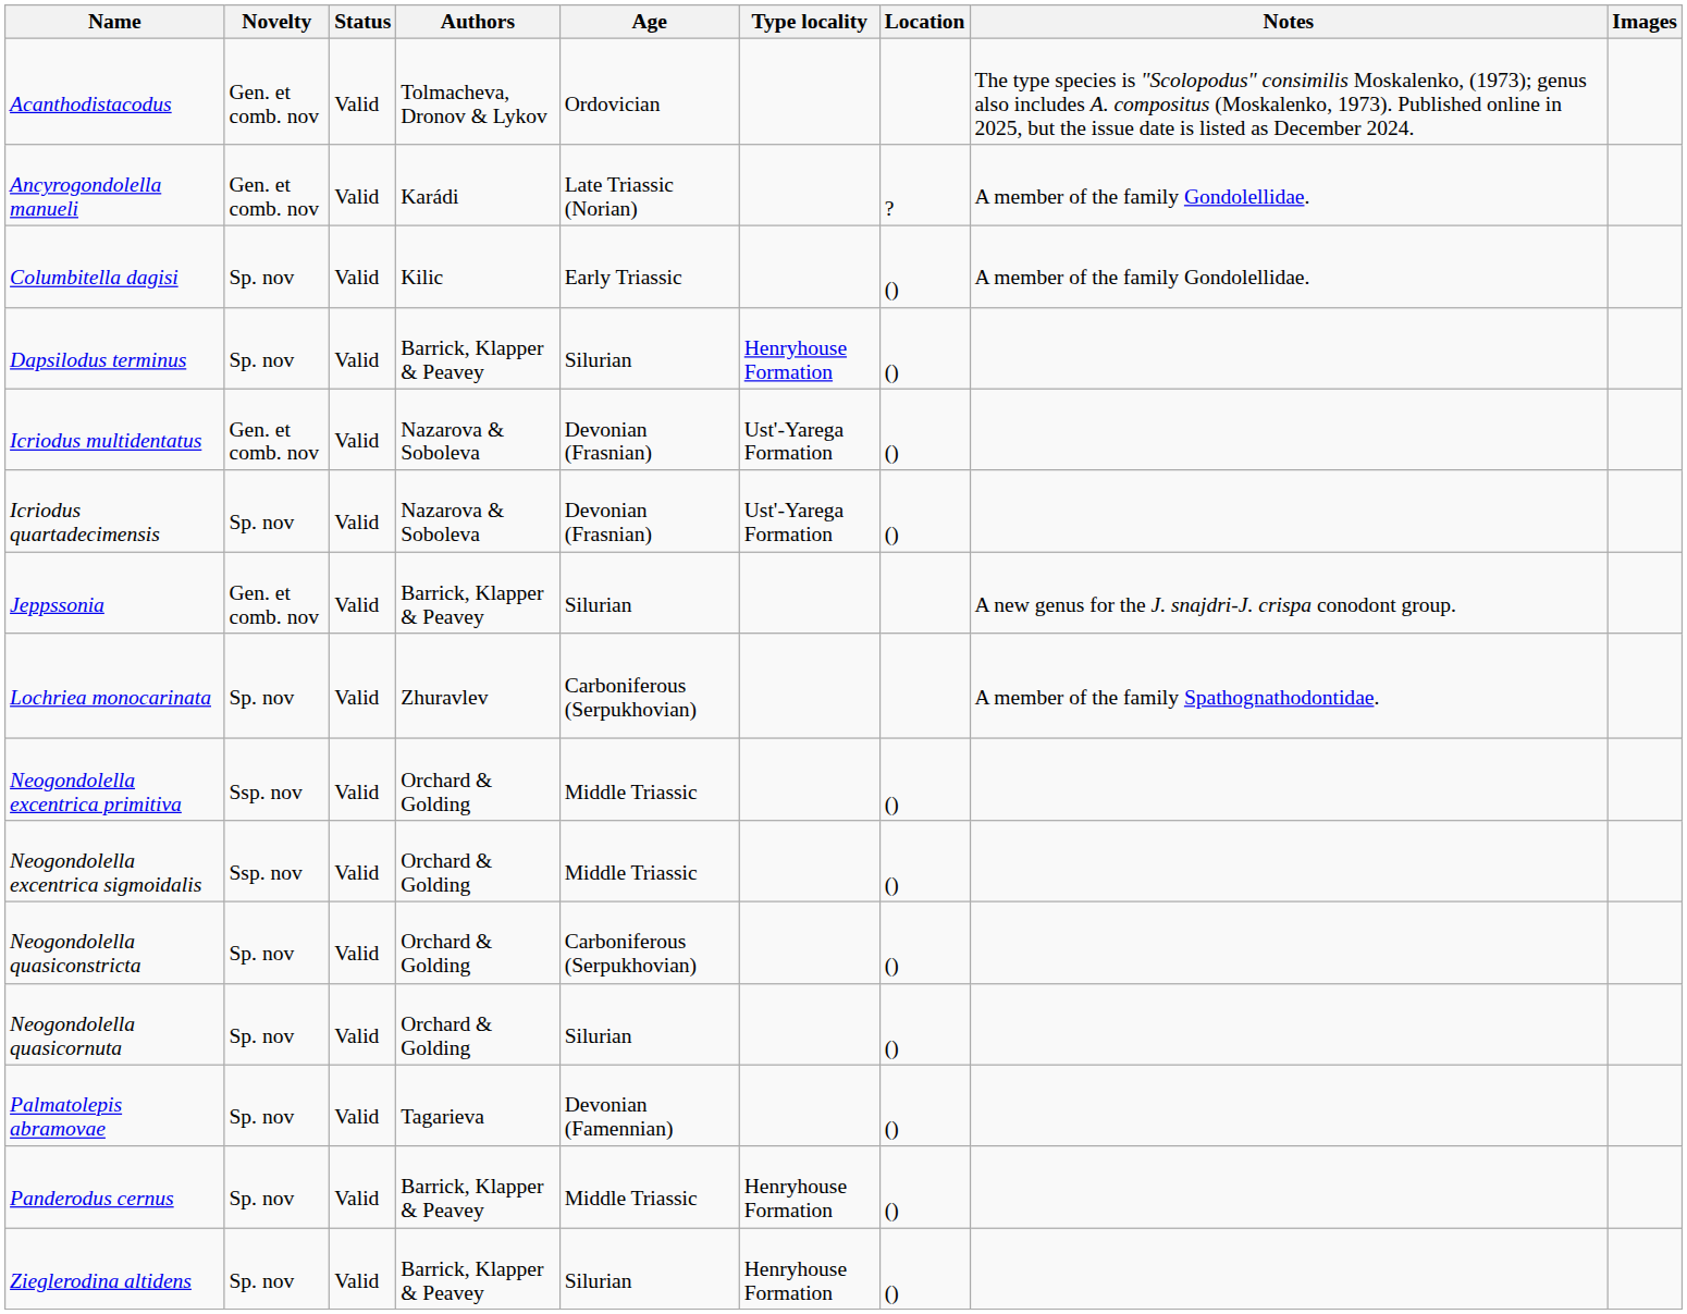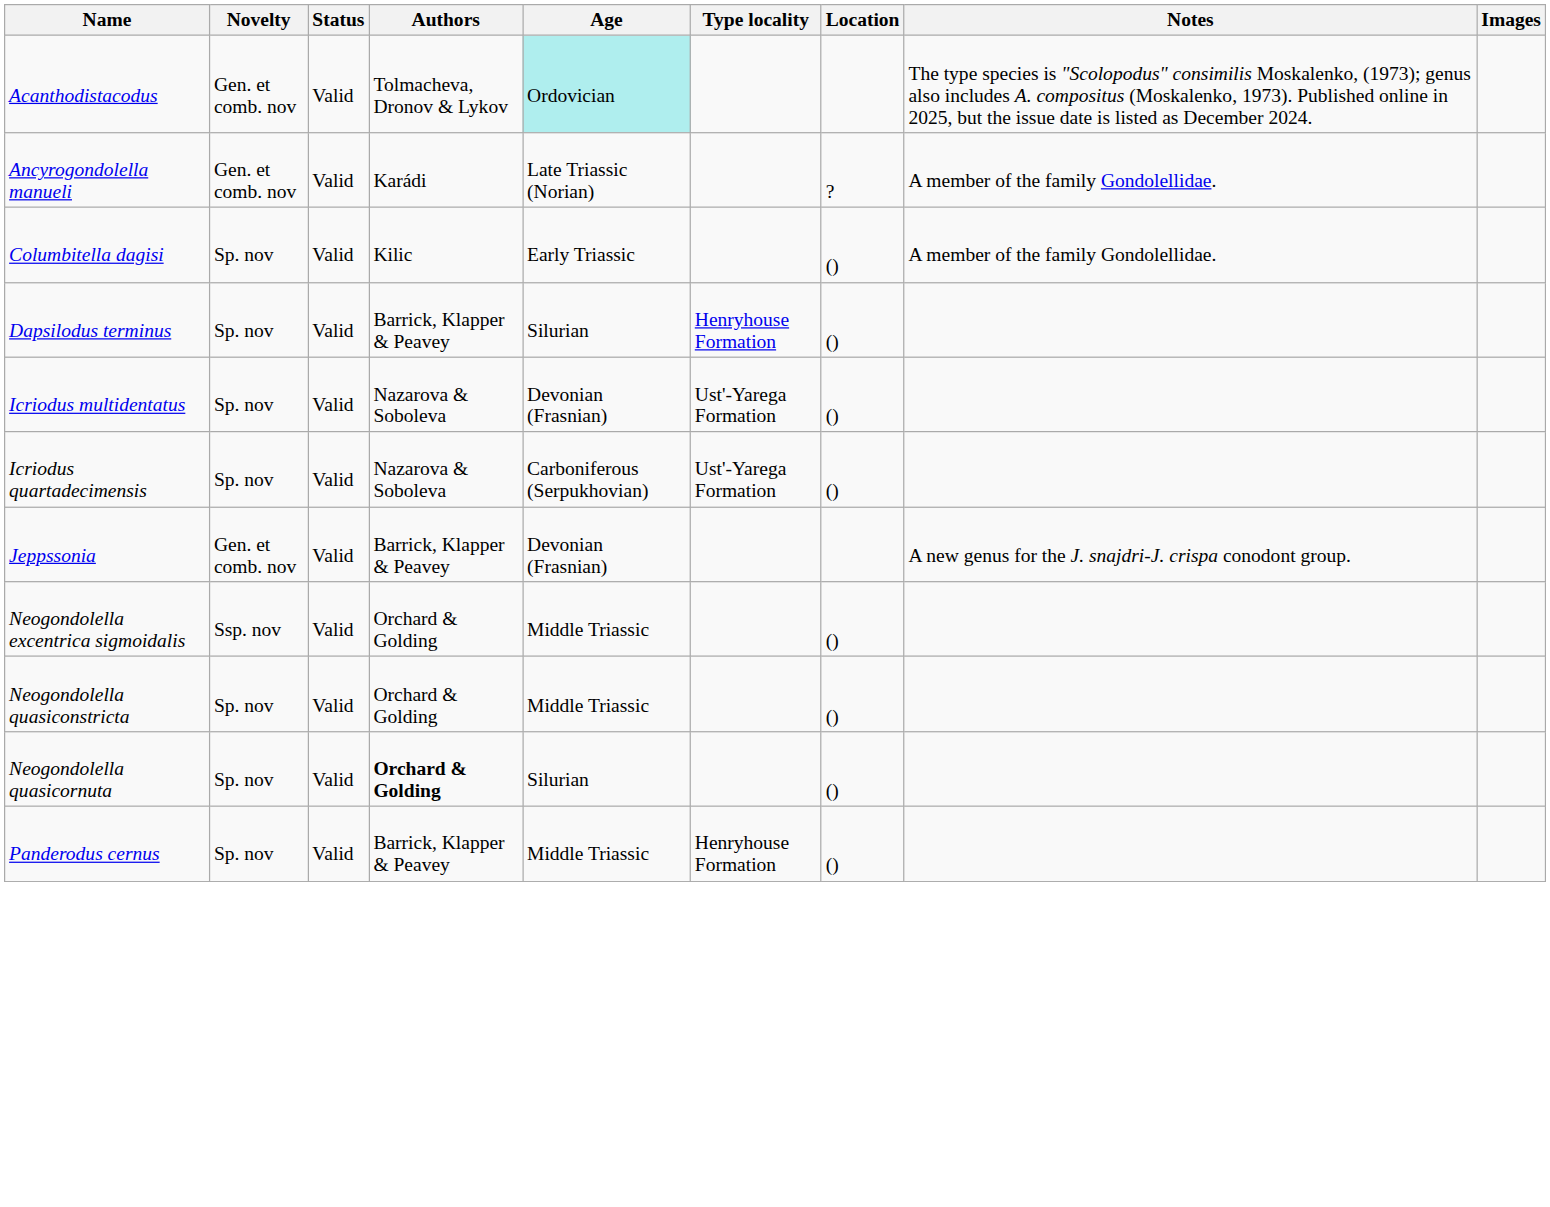 <table class="wikitable sortable" align="center" width="100%">
 <tr>
 <th>Name</th>
 <th>Novelty</th>
 <th>Status</th>
 <th>Authors</th>
 <th>Age</th>
 <th>Type locality</th>
 <th>Location</th>
 <th>Notes</th>
 <th>Images</th>
 </tr>
 <tr>
 <td><br><em><a href='#'>Acanthodistacodus</a></em></td>
 <td><br>Gen. et comb. nov</td>
 <td><br>Valid</td>
 <td><br>Tolmacheva, Dronov & Lykov</td>
-<td><br>Ordovician</td>
+<td style="background: paleturquoise;"><br>Ordovician</td>
 <td></td>
 <td><br></td>
 <td><br>The type species is <em>"Scolopodus" consimilis</em> Moskalenko, (1973); genus also includes <em>A. compositus</em> (Moskalenko, 1973). Published online in 2025, but the issue date is listed as December 2024.</td>
 <td></td>
 </tr>
 <tr>
 <td><br><em><a href='#'>Ancyrogondolella manueli</a></em></td>
 <td><br>Gen. et comb. nov</td>
 <td><br>Valid</td>
 <td><br>Karádi</td>
 <td><br>Late Triassic (Norian)</td>
 <td></td>
 <td><br><br> ?</td>
 <td><br>A member of the family <a href='#'>Gondolellidae</a>.</td>
 <td></td>
 </tr>
 <tr>
 <td><br><em><a href='#'>Columbitella dagisi</a></em></td>
 <td><br>Sp. nov</td>
 <td><br>Valid</td>
 <td><br>Kilic</td>
 <td><br>Early Triassic</td>
 <td></td>
 <td><br><br>()</td>
 <td><br>A member of the family Gondolellidae.</td>
 <td></td>
 </tr>
 <tr>
 <td><br><em><a href='#'>Dapsilodus terminus</a></em></td>
 <td><br>Sp. nov</td>
 <td><br>Valid</td>
 <td><br>Barrick, Klapper & Peavey</td>
 <td><br>Silurian</td>
 <td><br><a href='#'>Henryhouse Formation</a></td>
 <td><br><br>()</td>
 <td></td>
 <td></td>
 </tr>
 <tr>
 <td><br><em><a href='#'>Icriodus multidentatus</a></em></td>
-<td><br>Gen. et comb. nov</td>
+<td><br>Sp. nov</td>
 <td><br>Valid</td>
 <td><br>Nazarova & Soboleva</td>
 <td><br>Devonian (Frasnian)</td>
 <td><br>Ust'-Yarega Formation</td>
 <td><br><br>()</td>
 <td></td>
 <td></td>
 </tr>
 <tr>
 <td><br><em>Icriodus quartadecimensis</em></td>
 <td><br>Sp. nov</td>
 <td><br>Valid</td>
 <td><br>Nazarova & Soboleva</td>
-<td><br>Devonian (Frasnian)</td>
+<td><br>Carboniferous (Serpukhovian)</td>
 <td><br>Ust'-Yarega Formation</td>
 <td><br><br>()</td>
 <td></td>
 <td></td>
 </tr>
 <tr>
 <td><br><em><a href='#'>Jeppssonia</a></em></td>
 <td><br>Gen. et comb. nov</td>
 <td><br>Valid</td>
 <td><br>Barrick, Klapper & Peavey</td>
-<td><br>Silurian</td>
+<td><br>Devonian (Frasnian)</td>
 <td></td>
 <td><br><br> </td>
 <td><br>A new genus for the <em>J. snajdri</em>-<em>J. crispa</em> conodont group.</td>
-<td></td>
-</tr>
-<tr>
-<td><br><em><a href='#'>Lochriea monocarinata</a></em></td>
-<td><br>Sp. nov</td>
-<td><br>Valid</td>
-<td><br>Zhuravlev</td>
-<td><br>Carboniferous (Serpukhovian)</td>
-<td></td>
-<td><br><br> <br> <br> </td>
-<td><br>A member of the family <a href='#'>Spathognathodontidae</a>.</td>
-<td></td>
-</tr>
-<tr>
-<td><br><em><a href='#'>Neogondolella excentrica primitiva</a></em></td>
-<td><br>Ssp. nov</td>
-<td><br>Valid</td>
-<td><br>Orchard & Golding</td>
-<td><br>Middle Triassic</td>
-<td></td>
-<td><br><br>()</td>
-<td></td>
 <td></td>
 </tr>
 <tr>
 <td><br><em>Neogondolella excentrica sigmoidalis</em></td>
 <td><br>Ssp. nov</td>
 <td><br>Valid</td>
 <td><br>Orchard & Golding</td>
 <td><br>Middle Triassic</td>
 <td></td>
 <td><br><br>()</td>
 <td></td>
 <td></td>
 </tr>
 <tr>
 <td><br><em>Neogondolella quasiconstricta</em></td>
 <td><br>Sp. nov</td>
 <td><br>Valid</td>
 <td><br>Orchard & Golding</td>
-<td><br>Carboniferous (Serpukhovian)</td>
+<td><br>Middle Triassic</td>
 <td></td>
 <td><br><br>()</td>
 <td></td>
 <td></td>
 </tr>
 <tr>
 <td><br><em>Neogondolella quasicornuta</em></td>
 <td><br>Sp. nov</td>
 <td><br>Valid</td>
-<td><br>Orchard & Golding</td>
+<td><strong><br>Orchard & Golding</strong></td>
 <td><br>Silurian</td>
-<td></td>
-<td><br><br>()</td>
-<td></td>
-<td></td>
-</tr>
-<tr>
-<td><br><em><a href='#'>Palmatolepis abramovae</a></em></td>
-<td><br>Sp. nov</td>
-<td><br>Valid</td>
-<td><br>Tagarieva</td>
-<td><br>Devonian (Famennian)</td>
 <td></td>
 <td><br><br>()</td>
 <td></td>
 <td></td>
 </tr>
 <tr>
 <td><br><em><a href='#'>Panderodus cernus</a></em></td>
 <td><br>Sp. nov</td>
 <td><br>Valid</td>
 <td><br>Barrick, Klapper & Peavey</td>
 <td><br>Middle Triassic</td>
 <td><br>Henryhouse Formation</td>
 <td><br><br>()</td>
 <td></td>
 <td></td>
 </tr>
 <tr>
-<td><br><em><a href='#'>Zieglerodina altidens</a></em></td>
-<td><br>Sp. nov</td>
-<td><br>Valid</td>
-<td><br>Barrick, Klapper & Peavey</td>
-<td><br>Silurian</td>
-<td><br>Henryhouse Formation</td>
-<td><br><br>()</td>
-<td></td>
-<td></td>
-</tr>
-<tr>
 </tr>
 </table>
